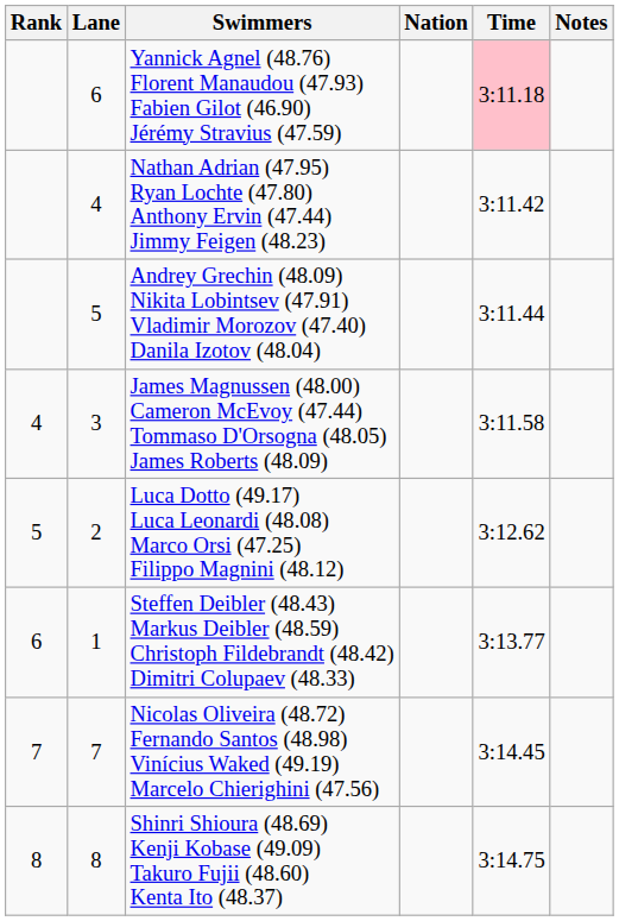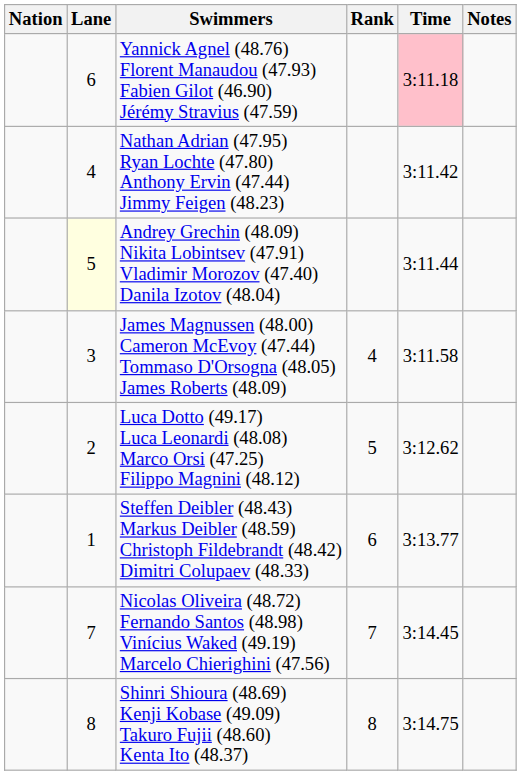 <table class="wikitable sortable" style="text-align:center">
 <tr>
-<th>Rank</th>
+<th>Nation</th>
 <th>Lane</th>
 <th>Swimmers</th>
-<th>Nation</th>
+<th>Rank</th>
 <th>Time</th>
 <th>Notes</th>
 </tr>
 <tr>
-<td></td>
+<td align=left></td>
 <td>6</td>
 <td align=left><a href='#'>Yannick Agnel</a> (48.76)<br><a href='#'>Florent Manaudou</a> (47.93)<br><a href='#'>Fabien Gilot</a> (46.90)<br><a href='#'>Jérémy Stravius</a> (47.59)</td>
-<td align=left></td>
+<td></td>
 <td style="background: pink;">3:11.18</td>
 <td></td>
 </tr>
 <tr>
-<td></td>
+<td align=left></td>
 <td>4</td>
 <td align=left><a href='#'>Nathan Adrian</a> (47.95)<br><a href='#'>Ryan Lochte</a> (47.80)<br><a href='#'>Anthony Ervin</a> (47.44)<br><a href='#'>Jimmy Feigen</a> (48.23)</td>
-<td align=left></td>
+<td></td>
 <td>3:11.42</td>
 <td></td>
 </tr>
 <tr>
+<td align=left></td>
+<td style="background: lightyellow;">5</td>
+<td align=left><a href='#'>Andrey Grechin</a> (48.09)<br><a href='#'>Nikita Lobintsev</a> (47.91)<br><a href='#'>Vladimir Morozov</a> (47.40)<br><a href='#'>Danila Izotov</a> (48.04)</td>
 <td></td>
-<td>5</td>
-<td align=left><a href='#'>Andrey Grechin</a> (48.09)<br><a href='#'>Nikita Lobintsev</a> (47.91)<br><a href='#'>Vladimir Morozov</a> (47.40)<br><a href='#'>Danila Izotov</a> (48.04)</td>
-<td align=left></td>
 <td>3:11.44</td>
 <td></td>
 </tr>
 <tr>
-<td>4</td>
+<td align=left></td>
 <td>3</td>
 <td align=left><a href='#'>James Magnussen</a> (48.00)<br><a href='#'>Cameron McEvoy</a> (47.44)<br><a href='#'>Tommaso D'Orsogna</a> (48.05)<br><a href='#'>James Roberts</a> (48.09)</td>
-<td align=left></td>
+<td>4</td>
 <td>3:11.58</td>
 <td></td>
 </tr>
 <tr>
-<td>5</td>
+<td align=left></td>
 <td>2</td>
 <td align=left><a href='#'>Luca Dotto</a> (49.17)<br><a href='#'>Luca Leonardi</a> (48.08)<br><a href='#'>Marco Orsi</a> (47.25)<br><a href='#'>Filippo Magnini</a> (48.12)</td>
-<td align=left></td>
+<td>5</td>
 <td>3:12.62</td>
 <td></td>
 </tr>
 <tr>
-<td>6</td>
+<td align=left></td>
 <td>1</td>
 <td align=left><a href='#'>Steffen Deibler</a> (48.43)<br><a href='#'>Markus Deibler</a> (48.59)<br><a href='#'>Christoph Fildebrandt</a> (48.42)<br><a href='#'>Dimitri Colupaev</a> (48.33)</td>
-<td align=left></td>
+<td>6</td>
 <td>3:13.77</td>
 <td></td>
 </tr>
 <tr>
-<td>7</td>
+<td align=left></td>
 <td>7</td>
 <td align=left><a href='#'>Nicolas Oliveira</a> (48.72)<br><a href='#'>Fernando Santos</a> (48.98)<br><a href='#'>Vinícius Waked</a> (49.19)<br><a href='#'>Marcelo Chierighini</a> (47.56)</td>
-<td align=left></td>
+<td>7</td>
 <td>3:14.45</td>
 <td></td>
 </tr>
 <tr>
-<td>8</td>
+<td align=left></td>
 <td>8</td>
 <td align=left><a href='#'>Shinri Shioura</a> (48.69)<br><a href='#'>Kenji Kobase</a> (49.09)<br><a href='#'>Takuro Fujii</a> (48.60)<br><a href='#'>Kenta Ito</a> (48.37)</td>
-<td align=left></td>
+<td>8</td>
 <td>3:14.75</td>
 <td></td>
 </tr>
 </table>
